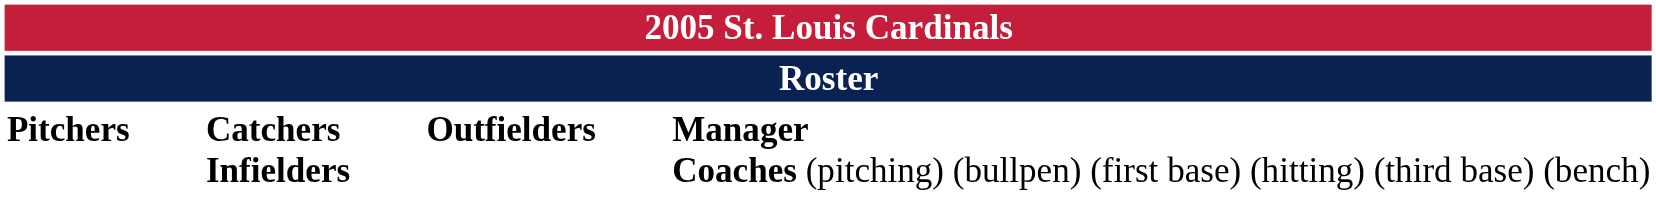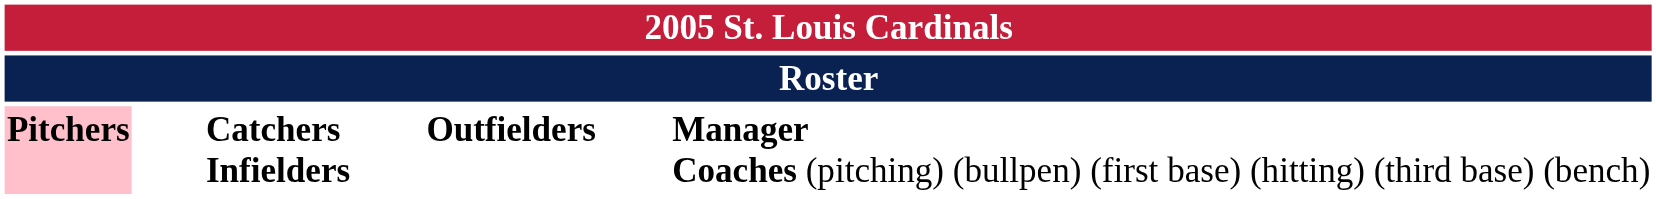 <table class="toccolours" style="font-size: 95%;">
 <tr>
 <th colspan="10" style="background-color: #c41e3a; color: #FFFFFF; text-align: center;">2005 St. Louis Cardinals</th>
 </tr>
 <tr>
 <td colspan="10" style="background-color: #0a2252; color: #FFFFFF; text-align: center;"><strong>Roster</strong></td>
 </tr>
 <tr>
-<td valign="top"><strong>Pitchers</strong><br>                   </td>
+<td valign="top" style="background: pink;"><strong>Pitchers</strong><br>                   </td>
 <td width="25px"></td>
 <td valign="top"><strong>Catchers</strong><br>   <strong>Infielders</strong>        </td>
 <td width="25px"></td>
 <td valign="top"><strong>Outfielders</strong><br>        </td>
 <td width="25px"></td>
 <td valign="top"><strong>Manager</strong><br> <strong>Coaches</strong>  (pitching)  (bullpen)  (first base)  (hitting)  (third base)  (bench)</td>
 </tr>
 </table>
